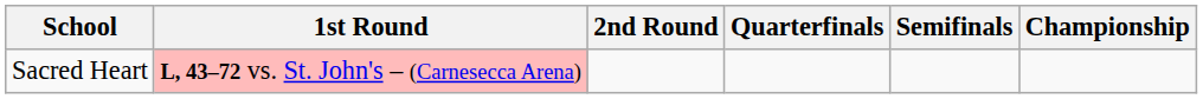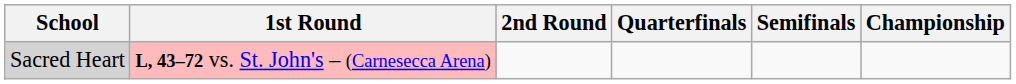 <table class="sortable wikitable" style="white-space:nowrap; font-size:90%;">
 <tr>
 <th>School</th>
 <th>1st Round</th>
 <th>2nd Round</th>
 <th>Quarterfinals</th>
 <th>Semifinals</th>
 <th>Championship</th>
 </tr>
 <tr>
-<td>Sacred Heart</td>
+<td style="background: lightgrey;">Sacred Heart</td>
 <td style="background:#fbb;"><small><strong>L, 43–72</strong></small> vs. <a href='#'>St. John's</a> – <small>(<a href='#'>Carnesecca Arena</a>)</small></td>
 <td></td>
 <td></td>
 <td></td>
 </tr>
 </table>
